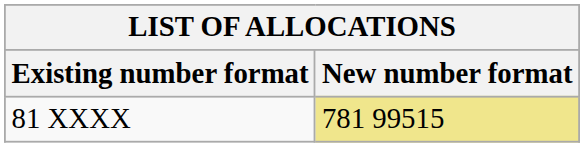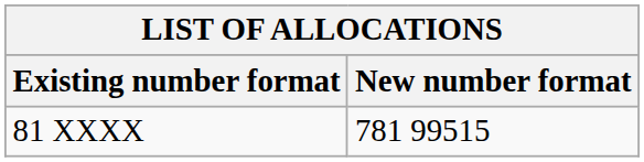 <table class="wikitable" border=1>
 <tr>
 <th colspan="2">LIST OF ALLOCATIONS</th>
 </tr>
 <tr>
 <th>Existing number format</th>
 <th>New number format</th>
 </tr>
 <tr>
 <td>81 XXXX</td>
-<td style="background: khaki;">781 99515</td>
+<td>781 99515</td>
 </tr>
 </table>
